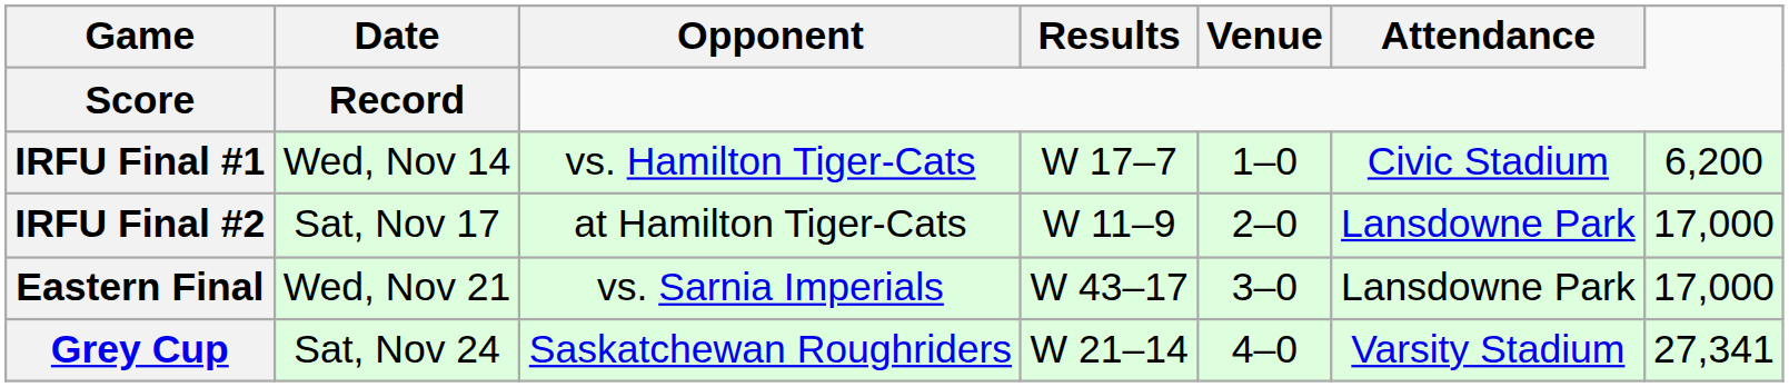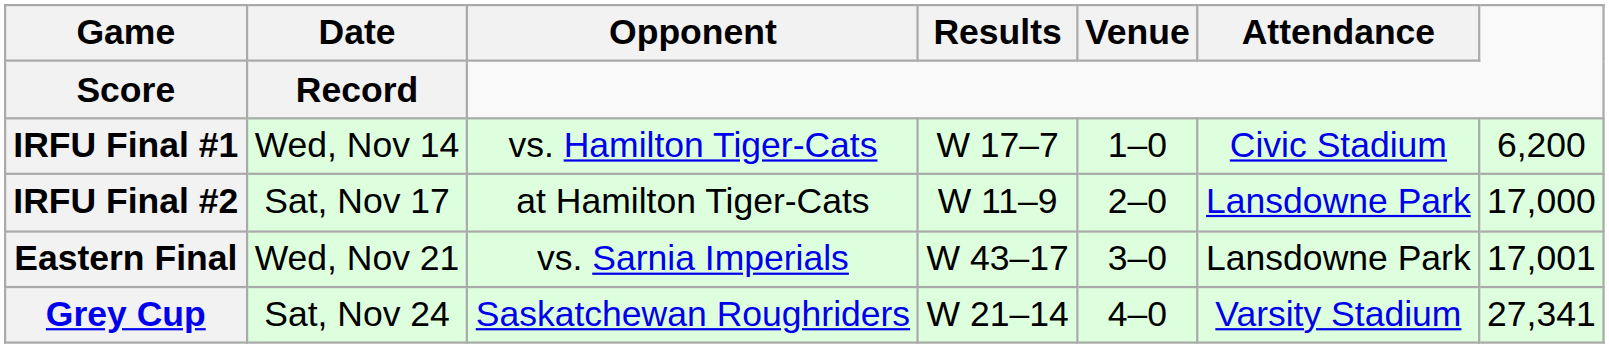 <table class="wikitable" style="text-align:center">
 <tr>
 <th>Game</th>
 <th>Date</th>
 <th>Opponent</th>
 <th>Results</th>
 <th>Venue</th>
 <th>Attendance</th>
 </tr>
 <tr>
 <th>Score</th>
 <th>Record</th>
 </tr>
 <tr style="background:#ddffdd">
 <th>IRFU Final #1</th>
 <td>Wed, Nov 14</td>
 <td>vs. <a href='#'>Hamilton Tiger-Cats</a></td>
 <td>W 17–7</td>
 <td>1–0</td>
 <td><a href='#'>Civic Stadium</a></td>
 <td>6,200</td>
 </tr>
 <tr style="background:#ddffdd">
 <th>IRFU Final #2</th>
 <td>Sat, Nov 17</td>
 <td>at Hamilton Tiger-Cats</td>
 <td>W 11–9</td>
 <td>2–0</td>
 <td><a href='#'>Lansdowne Park</a></td>
 <td>17,000</td>
 </tr>
 <tr style="background:#ddffdd">
 <th>Eastern Final</th>
 <td>Wed, Nov 21</td>
 <td>vs. <a href='#'>Sarnia Imperials</a></td>
 <td>W 43–17</td>
 <td>3–0</td>
 <td>Lansdowne Park</td>
-<td>17,000</td>
+<td>17,001</td>
 </tr>
 <tr style="background:#ddffdd">
 <th><a href='#'>Grey Cup</a></th>
 <td>Sat, Nov 24</td>
 <td><a href='#'>Saskatchewan Roughriders</a></td>
 <td>W 21–14</td>
 <td>4–0</td>
 <td><a href='#'>Varsity Stadium</a></td>
 <td>27,341</td>
 </tr>
 </table>
